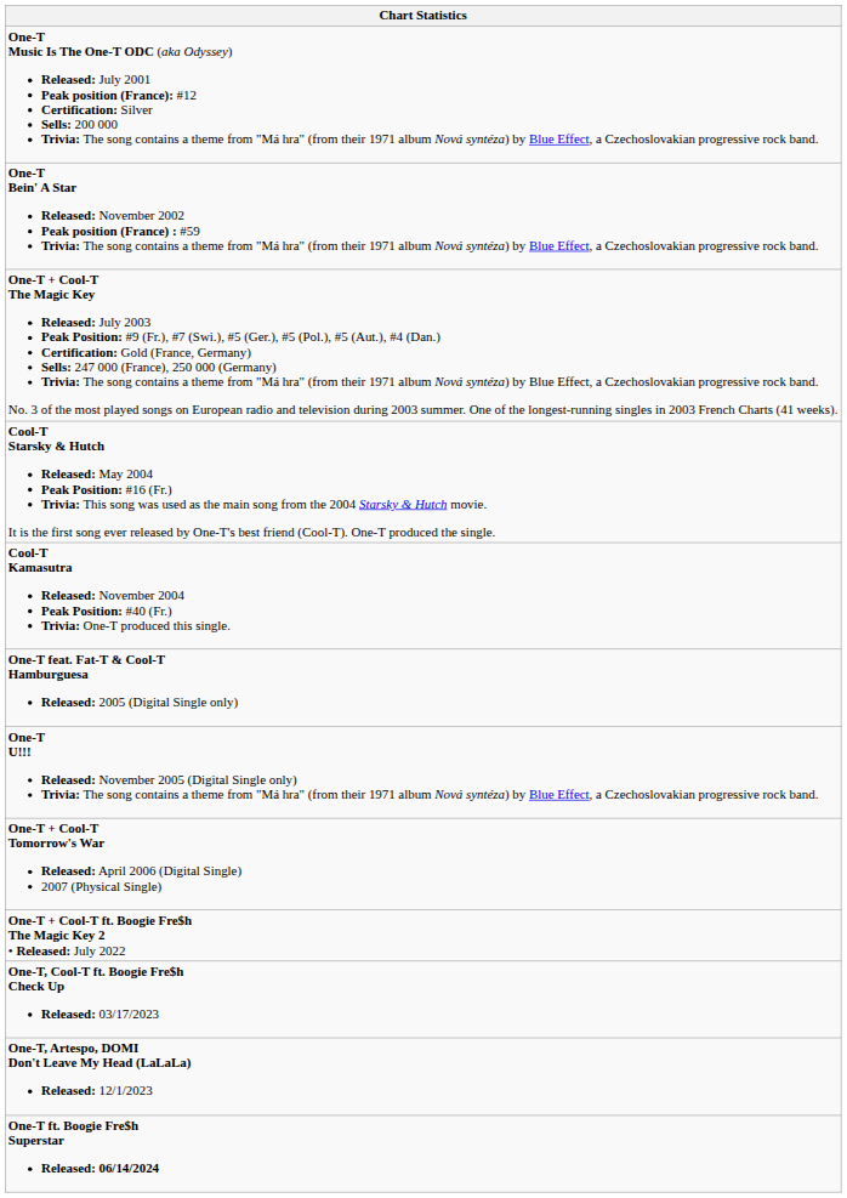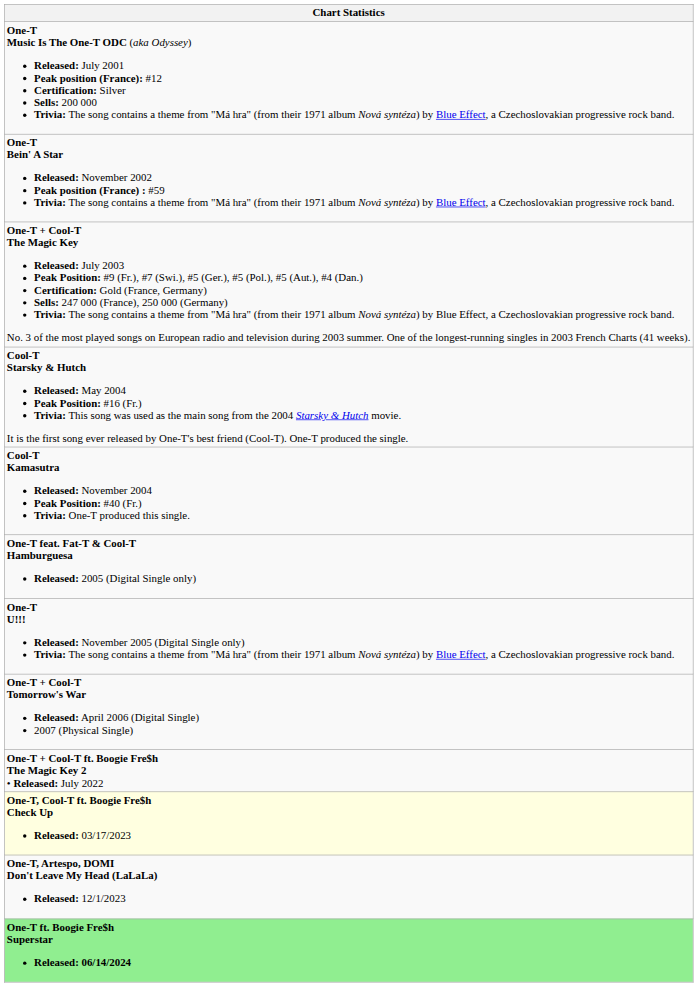 <table class="wikitable">
 <tr>
 <th>Chart Statistics</th>
 </tr>
 <tr>
 <td><strong>One-T</strong><br><strong>Music Is The One-T ODC</strong> (<em>aka Odyssey</em>)<ul><li><strong>Released:</strong> July 2001</li><li><strong>Peak position (France):</strong> #12</li><li><strong>Certification:</strong> Silver</li><li><strong>Sells:</strong> 200 000</li><li><strong>Trivia:</strong> The song contains a theme from "Má hra" (from their 1971 album <em>Nová syntéza</em>) by <a href='#'>Blue Effect</a>, a Czechoslovakian progressive rock band.</li></ul></td>
 </tr>
 <tr>
 <td><strong>One-T</strong><br><strong>Bein' A Star</strong><ul><li><strong>Released:</strong> November 2002</li><li><strong>Peak position (France) :</strong> #59</li><li><strong>Trivia:</strong> The song contains a theme from "Má hra" (from their 1971 album <em>Nová syntéza</em>) by <a href='#'>Blue Effect</a>, a Czechoslovakian progressive rock band.</li></ul></td>
 </tr>
 <tr>
 <td><strong>One-T + Cool-T</strong><br><strong>The Magic Key</strong><ul><li><strong>Released:</strong> July 2003</li><li><strong>Peak Position:</strong> #9 (Fr.), #7 (Swi.), #5 (Ger.), #5 (Pol.), #5 (Aut.), #4 (Dan.)</li><li><strong>Certification:</strong> Gold (France, Germany)</li><li><strong>Sells:</strong> 247 000 (France), 250 000 (Germany)</li><li><strong>Trivia:</strong> The song contains a theme from "Má hra" (from their 1971 album <em>Nová syntéza</em>) by Blue Effect, a Czechoslovakian progressive rock band.</li></ul>No. 3 of the most played songs on European radio and television during 2003 summer. One of the longest-running singles in 2003 French Charts (41 weeks).</td>
 </tr>
 <tr>
 <td><strong>Cool-T</strong><br><strong>Starsky & Hutch</strong><ul><li><strong>Released:</strong> May 2004</li><li><strong>Peak Position:</strong> #16 (Fr.)</li><li><strong>Trivia:</strong> This song was used as the main song from the 2004 <a href='#'><em>Starsky & Hutch</em></a> movie.</li></ul>It is the first song ever released by One-T's best friend (Cool-T). One-T produced the single.</td>
 </tr>
 <tr>
 <td><strong>Cool-T</strong><br><strong>Kamasutra</strong><ul><li><strong>Released:</strong> November 2004</li><li><strong>Peak Position:</strong> #40 (Fr.)</li><li><strong>Trivia:</strong> One-T produced this single.</li></ul></td>
 </tr>
 <tr>
 <td><strong>One-T feat. Fat-T & Cool-T</strong><br><strong>Hamburguesa</strong><ul><li><strong>Released:</strong> 2005 (Digital Single only)</li></ul></td>
 </tr>
 <tr>
 <td><strong>One-T</strong><br><strong>U!!!</strong><ul><li><strong>Released:</strong> November 2005 (Digital Single only)</li><li><strong>Trivia:</strong> The song contains a theme from "Má hra" (from their 1971 album <em>Nová syntéza</em>) by <a href='#'>Blue Effect</a>, a Czechoslovakian progressive rock band.</li></ul></td>
 </tr>
 <tr>
 <td><strong>One-T + Cool-T</strong><br><strong>Tomorrow's War</strong><ul><li><strong>Released:</strong> April 2006 (Digital Single)</li><li>2007 (Physical Single)</li></ul></td>
 </tr>
 <tr>
 <td><strong>One-T + Cool-T ft. Boogie Fre$h</strong><br><strong>The Magic Key 2</strong><br>• <strong>Released:</strong> July 2022</td>
 </tr>
 <tr>
-<td><strong>One-T, Cool-T ft. Boogie Fre$h</strong><br><strong>Check Up</strong><ul><li><strong>Released:</strong> 03/17/2023</li></ul></td>
+<td style="background: lightyellow;"><strong>One-T, Cool-T ft. Boogie Fre$h</strong><br><strong>Check Up</strong><ul><li><strong>Released:</strong> 03/17/2023</li></ul></td>
 </tr>
 <tr>
 <td><strong>One-T, Artespo, DOMI</strong><br><strong>Don't Leave My Head (LaLaLa)</strong><ul><li><strong>Released:</strong> 12/1/2023</li></ul></td>
 </tr>
 <tr>
-<td><strong>One-T ft. Boogie Fre$h</strong><br><strong>Superstar</strong><ul><li><strong>Released: 06/14/2024</strong></li></ul></td>
+<td style="background: lightgreen;"><strong>One-T ft. Boogie Fre$h</strong><br><strong>Superstar</strong><ul><li><strong>Released: 06/14/2024</strong></li></ul></td>
 </tr>
 </table>
